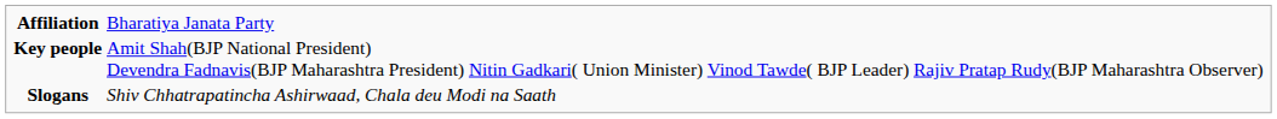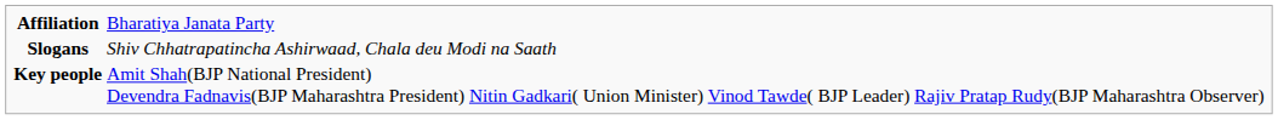 <table class="infobox vcard" style="">
 <tr>
 <th>Affiliation</th>
 <td><a href='#'>Bharatiya Janata Party</a></td>
 </tr>
 <tr>
+<th>Slogans</th>
+<td><em>Shiv Chhatrapatincha Ashirwaad, Chala deu Modi na Saath</em></td>
+</tr>
+<tr>
 <th>Key people</th>
 <td><a href='#'>Amit Shah</a>(BJP National President)<br><a href='#'>Devendra Fadnavis</a>(BJP Maharashtra President) <a href='#'>Nitin Gadkari</a>( Union Minister) <a href='#'>Vinod Tawde</a>( BJP Leader) <a href='#'>Rajiv Pratap Rudy</a>(BJP Maharashtra Observer)</td>
 </tr>
-<tr>
-<th>Slogans</th>
-<td><em>Shiv Chhatrapatincha Ashirwaad, Chala deu Modi na Saath</em></td>
-</tr>
 </table>
